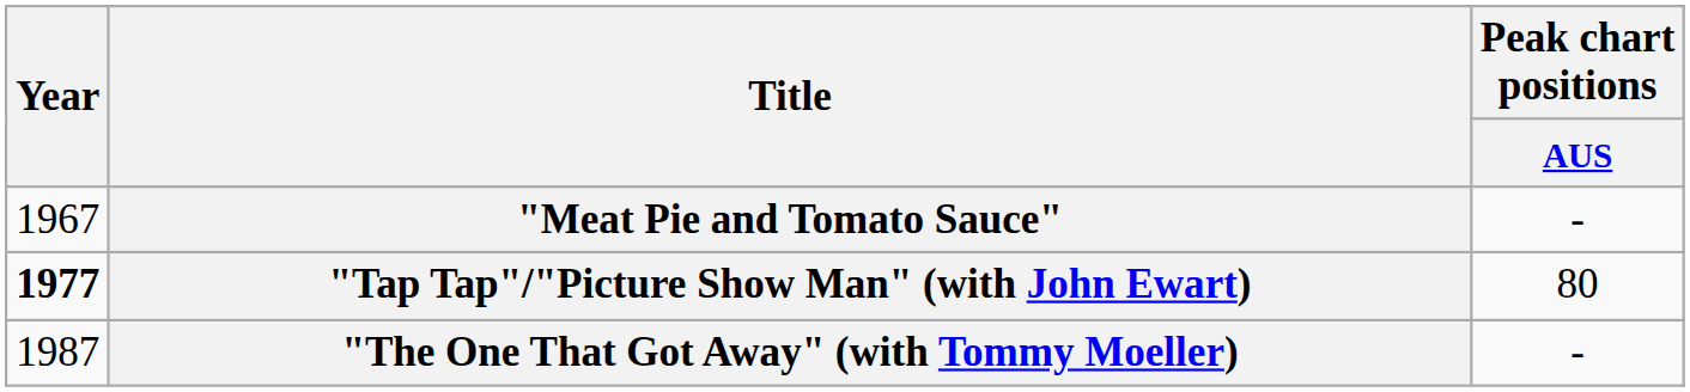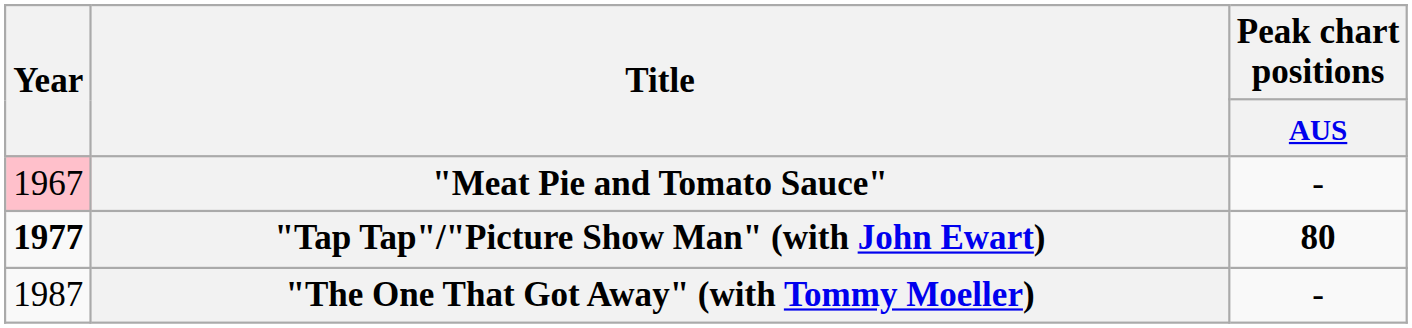 <table class="wikitable plainrowheaders" style="text-align:center;" border="1">
 <tr>
 <th scope="col" rowspan="2">Year</th>
 <th scope="col" rowspan="2" style="width:32em;">Title</th>
 <th scope="col" colspan="1">Peak chart <br>positions</th>
 </tr>
 <tr>
 <th scope="col" style="text-align:center;"><small><a href='#'>AUS</a></small><br></th>
 </tr>
 <tr>
-<td>1967</td>
+<td style="background: pink;">1967</td>
 <th scope="row">"Meat Pie and Tomato Sauce"</th>
 <td style="text-align:center;">-</td>
 </tr>
 <tr>
 <td><strong>1977</strong></td>
 <th scope="row">"Tap Tap"/"Picture Show Man" (with <a href='#'>John Ewart</a>)</th>
-<td style="text-align:center;">80</td>
+<td style="text-align:center;"><strong>80</strong></td>
 </tr>
 <tr>
 <td>1987</td>
 <th scope="row">"The One That Got Away" (with <a href='#'>Tommy Moeller</a>)</th>
 <td style="text-align:center;">-</td>
 </tr>
 </table>
